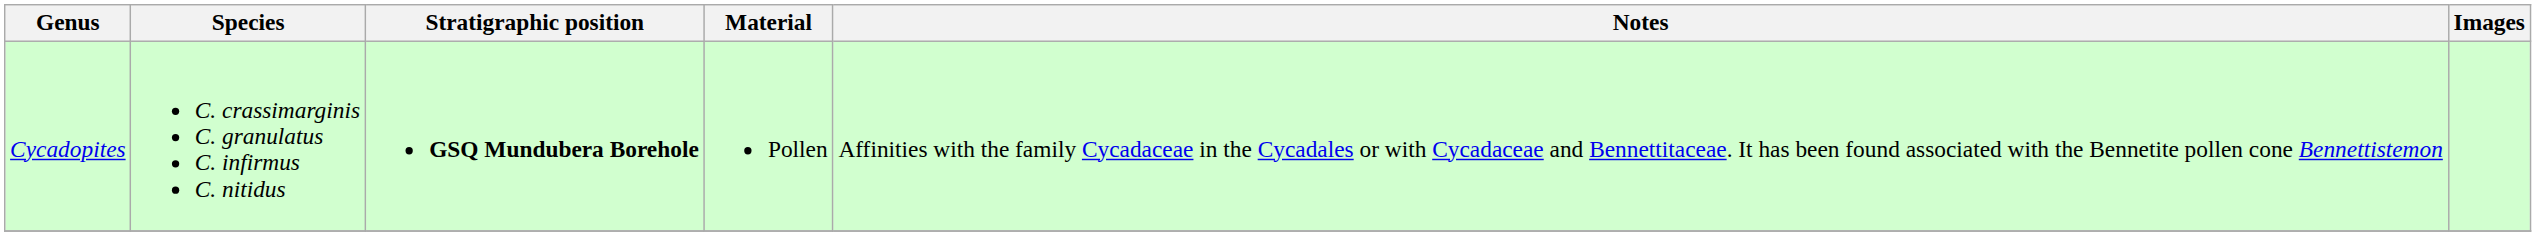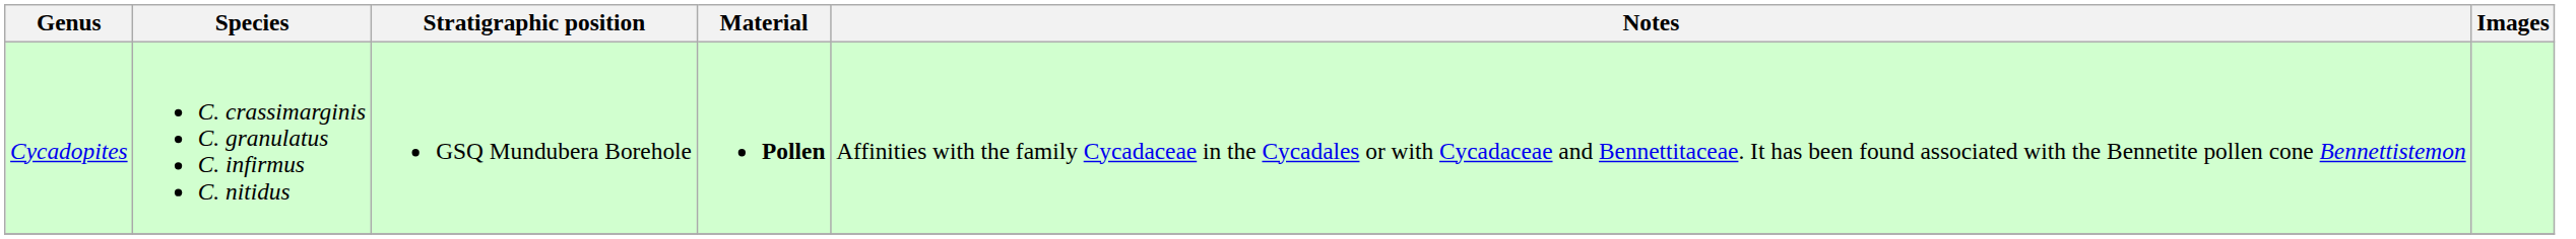 <table class = "wikitable">
 <tr>
 <th>Genus</th>
 <th>Species</th>
 <th>Stratigraphic position</th>
 <th>Material</th>
 <th>Notes</th>
 <th>Images</th>
 </tr>
 <tr>
 <td style="background:#D1FFCF;"><br><em><a href='#'>Cycadopites</a></em></td>
 <td style="background:#D1FFCF;"><br><ul><li><em>C. crassimarginis</em></li><li><em>C. granulatus</em></li><li><em>C. infirmus</em></li><li><em>C. nitidus</em></li></ul></td>
-<td style="background:#D1FFCF;"><strong><br><ul><li>GSQ Mundubera Borehole</li></ul></strong></td>
-<td style="background:#D1FFCF;"><br><ul><li>Pollen</li></ul></td>
+<td style="background:#D1FFCF;"><br><ul><li>GSQ Mundubera Borehole</li></ul></td>
+<td style="background:#D1FFCF;"><strong><br><ul><li>Pollen</li></ul></strong></td>
 <td style="background:#D1FFCF;"><br>Affinities with the family <a href='#'>Cycadaceae</a> in the <a href='#'>Cycadales</a> or with <a href='#'>Cycadaceae</a> and <a href='#'>Bennettitaceae</a>. It has been found associated with the Bennetite pollen cone <em><a href='#'>Bennettistemon</a></em></td>
 <td style="background:#D1FFCF;"><br></td>
 </tr>
 <tr>
 </tr>
 </table>
